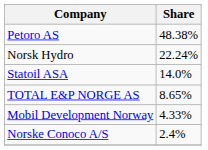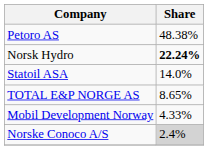 <table class=wikitable>
 <tr>
 <th>Company</th>
 <th>Share</th>
 </tr>
 <tr>
 <td><a href='#'>Petoro AS</a></td>
 <td>48.38%</td>
 </tr>
 <tr>
 <td>Norsk Hydro</td>
-<td>22.24%</td>
+<td><strong>22.24%</strong></td>
 </tr>
 <tr>
 <td><a href='#'>Statoil ASA</a></td>
 <td>14.0%</td>
 </tr>
 <tr>
 <td><a href='#'>TOTAL E&P NORGE AS</a></td>
 <td>8.65%</td>
 </tr>
 <tr>
 <td><a href='#'>Mobil Development Norway</a></td>
 <td>4.33%</td>
 </tr>
 <tr>
 <td><a href='#'>Norske Conoco A/S</a></td>
-<td>2.4%</td>
+<td style="background: lightgrey;">2.4%</td>
 </tr>
 <tr>
 </tr>
 </table>
